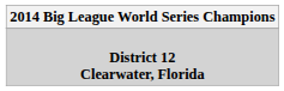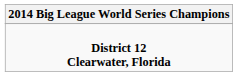 <table class="wikitable" style="text-align: center; margin: 0 auto;">
 <tr>
 <th>2014 Big League World Series Champions</th>
 </tr>
 <tr>
 </tr>
 <tr>
-<td style="background: lightgrey;"><br><strong>District 12</strong><br> <strong>Clearwater, Florida</strong></td>
+<td><br><strong>District 12</strong><br> <strong>Clearwater, Florida</strong></td>
 </tr>
 </table>
